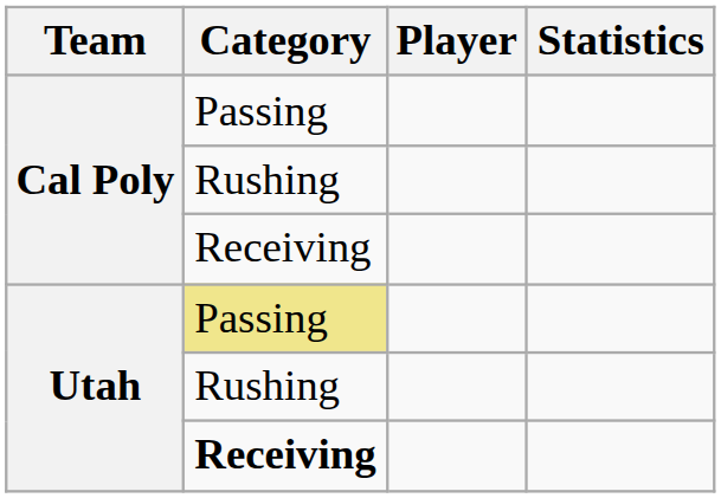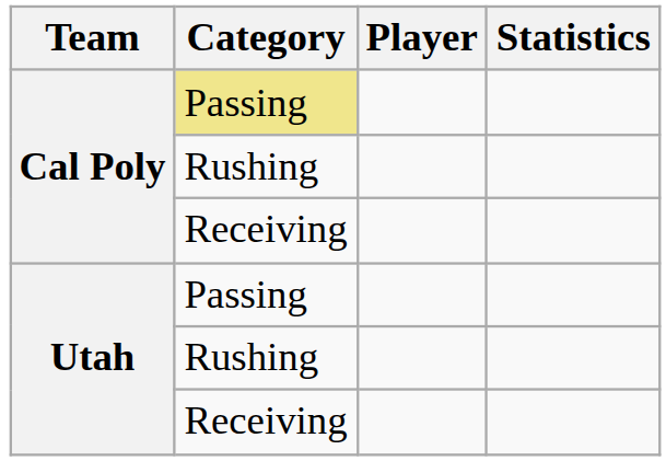 <table class="wikitable" style="float:right">
 <tr>
 <th>Team</th>
 <th>Category</th>
 <th>Player</th>
 <th>Statistics</th>
 </tr>
 <tr>
 <th rowspan=3>Cal Poly</th>
-<td>Passing</td>
+<td style="background: khaki;">Passing</td>
 <td></td>
 <td></td>
 </tr>
 <tr>
 <td>Rushing</td>
 <td></td>
 <td></td>
 </tr>
 <tr>
 <td>Receiving</td>
 <td></td>
 <td></td>
 </tr>
 <tr>
 <th rowspan=3>Utah</th>
-<td style="background: khaki;">Passing</td>
+<td>Passing</td>
 <td></td>
 <td></td>
 </tr>
 <tr>
 <td>Rushing</td>
 <td></td>
 <td></td>
 </tr>
 <tr>
-<td><strong>Receiving</strong></td>
+<td>Receiving</td>
 <td></td>
 <td></td>
 </tr>
 </table>
